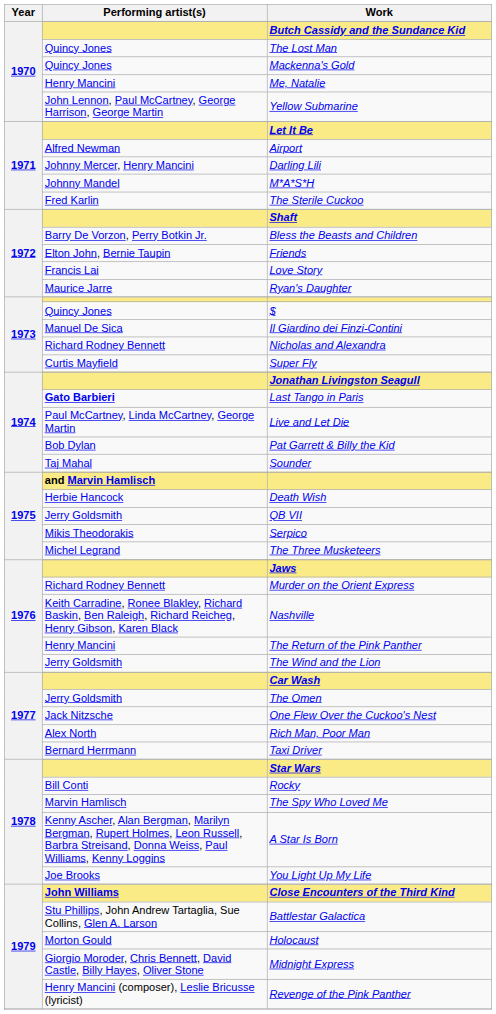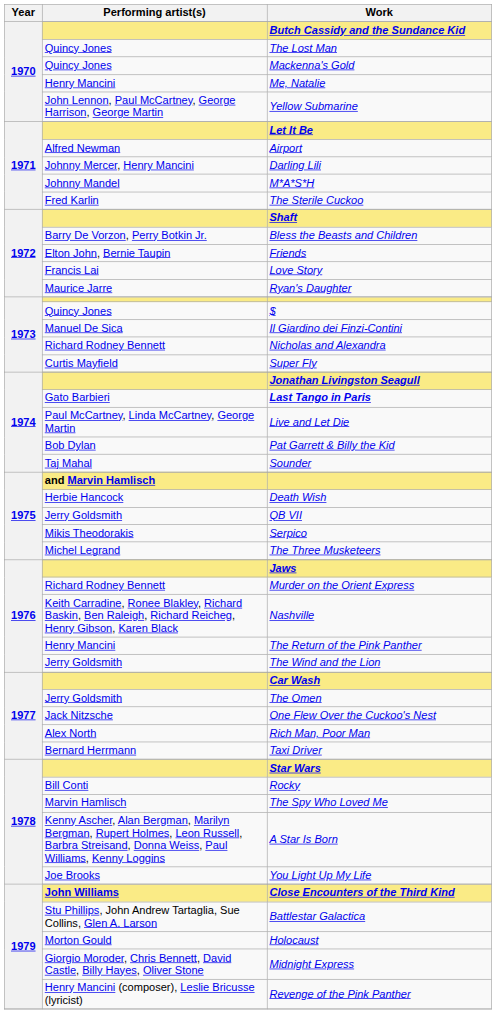 <table class="wikitable" style="width:80%">
 <tr>
 <th width="2%">Year</th>
 <th width="25%">Performing artist(s)</th>
 <th width="25%">Work</th>
 </tr>
 <tr>
 <th scope="row", rowspan=6, style="text-align:center;"><a href='#'>1970</a> <br></th>
 </tr>
 <tr style="background:#FAEB86">
 <td><strong>  </strong></td>
 <td><strong> <em><a href='#'>Butch Cassidy and the Sundance Kid</a></em> </strong></td>
 </tr>
 <tr>
 <td><a href='#'>Quincy Jones</a></td>
 <td><em><a href='#'>The Lost Man</a></em></td>
 </tr>
 <tr>
 <td><a href='#'>Quincy Jones</a></td>
 <td><em><a href='#'>Mackenna's Gold</a></em></td>
 </tr>
 <tr>
 <td><a href='#'>Henry Mancini</a></td>
 <td><em><a href='#'>Me, Natalie</a></em></td>
 </tr>
 <tr>
 <td><a href='#'>John Lennon</a>, <a href='#'>Paul McCartney</a>, <a href='#'>George Harrison</a>, <a href='#'>George Martin</a></td>
 <td><em><a href='#'>Yellow Submarine</a></em></td>
 </tr>
 <tr>
 <th scope="row", rowspan=6, style="text-align:center;"><a href='#'>1971</a> <br></th>
 </tr>
 <tr style="background:#FAEB86">
 <td><strong>  </strong></td>
 <td><strong> <em><a href='#'>Let It Be</a></em> </strong></td>
 </tr>
 <tr>
 <td><a href='#'>Alfred Newman</a></td>
 <td><em><a href='#'>Airport</a></em></td>
 </tr>
 <tr>
 <td><a href='#'>Johnny Mercer</a>, <a href='#'>Henry Mancini</a></td>
 <td><em><a href='#'>Darling Lili</a></em></td>
 </tr>
 <tr>
 <td><a href='#'>Johnny Mandel</a></td>
 <td><em><a href='#'>M*A*S*H</a></em></td>
 </tr>
 <tr>
 <td><a href='#'>Fred Karlin</a></td>
 <td><em><a href='#'>The Sterile Cuckoo</a></em></td>
 </tr>
 <tr>
 <th scope="row", rowspan=6, style="text-align:center;"><a href='#'>1972</a> <br></th>
 </tr>
 <tr style="background:#FAEB86">
 <td><strong>  </strong></td>
 <td><strong> <em><a href='#'>Shaft</a></em> </strong></td>
 </tr>
 <tr>
 <td><a href='#'>Barry De Vorzon</a>, <a href='#'>Perry Botkin Jr.</a></td>
 <td><em><a href='#'>Bless the Beasts and Children</a></em></td>
 </tr>
 <tr>
 <td><a href='#'>Elton John</a>, <a href='#'>Bernie Taupin</a></td>
 <td><em><a href='#'>Friends</a></em></td>
 </tr>
 <tr>
 <td><a href='#'>Francis Lai</a></td>
 <td><em><a href='#'>Love Story</a></em></td>
 </tr>
 <tr>
 <td><a href='#'>Maurice Jarre</a></td>
 <td><em><a href='#'>Ryan's Daughter</a></em></td>
 </tr>
 <tr>
 <th scope="row", rowspan=6, style="text-align:center;"><a href='#'>1973</a> <br></th>
 </tr>
 <tr style="background:#FAEB86">
 <td><strong>  </strong></td>
 <td><strong> <em></em> </strong></td>
 </tr>
 <tr>
 <td><a href='#'>Quincy Jones</a></td>
 <td><em><a href='#'>$</a></em></td>
 </tr>
 <tr>
 <td><a href='#'>Manuel De Sica</a></td>
 <td><em><a href='#'>Il Giardino dei Finzi-Contini</a></em></td>
 </tr>
 <tr>
 <td><a href='#'>Richard Rodney Bennett</a></td>
 <td><em><a href='#'>Nicholas and Alexandra</a></em></td>
 </tr>
 <tr>
 <td><a href='#'>Curtis Mayfield</a></td>
 <td><em><a href='#'>Super Fly</a></em></td>
 </tr>
 <tr>
 <th scope="row", rowspan=6, style="text-align:center;"><a href='#'>1974</a> <br></th>
 </tr>
 <tr style="background:#FAEB86">
 <td><strong>  </strong></td>
 <td><strong> <em><a href='#'>Jonathan Livingston Seagull</a></em> </strong></td>
 </tr>
 <tr>
-<td><strong><a href='#'>Gato Barbieri</a></strong></td>
-<td><em><a href='#'>Last Tango in Paris</a></em></td>
+<td><a href='#'>Gato Barbieri</a></td>
+<td><strong><em><a href='#'>Last Tango in Paris</a></em></strong></td>
 </tr>
 <tr>
 <td><a href='#'>Paul McCartney</a>, <a href='#'>Linda McCartney</a>, <a href='#'>George Martin</a></td>
 <td><em><a href='#'>Live and Let Die</a></em></td>
 </tr>
 <tr>
 <td><a href='#'>Bob Dylan</a></td>
 <td><em><a href='#'>Pat Garrett & Billy the Kid</a></em></td>
 </tr>
 <tr>
 <td><a href='#'>Taj Mahal</a></td>
 <td><em><a href='#'>Sounder</a></em></td>
 </tr>
 <tr>
 <th scope="row", rowspan=6, style="text-align:center;"><a href='#'>1975</a> <br></th>
 </tr>
 <tr style="background:#FAEB86">
 <td><strong>  and <a href='#'>Marvin Hamlisch</a> </strong></td>
 <td><strong> <em></em> </strong></td>
 </tr>
 <tr>
 <td><a href='#'>Herbie Hancock</a></td>
 <td><em><a href='#'>Death Wish</a></em></td>
 </tr>
 <tr>
 <td><a href='#'>Jerry Goldsmith</a></td>
 <td><em><a href='#'>QB VII</a></em></td>
 </tr>
 <tr>
 <td><a href='#'>Mikis Theodorakis</a></td>
 <td><em><a href='#'>Serpico</a></em></td>
 </tr>
 <tr>
 <td><a href='#'>Michel Legrand</a></td>
 <td><em><a href='#'>The Three Musketeers</a></em></td>
 </tr>
 <tr>
 <th scope="row", rowspan=6, style="text-align:center;"><a href='#'>1976</a> <br></th>
 </tr>
 <tr style="background:#FAEB86">
 <td><strong>  </strong></td>
 <td><strong> <em><a href='#'>Jaws</a></em> </strong></td>
 </tr>
 <tr>
 <td><a href='#'>Richard Rodney Bennett</a></td>
 <td><em><a href='#'>Murder on the Orient Express</a></em></td>
 </tr>
 <tr>
 <td><a href='#'>Keith Carradine</a>, <a href='#'>Ronee Blakley</a>, <a href='#'>Richard Baskin</a>, <a href='#'>Ben Raleigh</a>, <a href='#'>Richard Reicheg</a>, <a href='#'>Henry Gibson</a>, <a href='#'>Karen Black</a></td>
 <td><em><a href='#'>Nashville</a></em></td>
 </tr>
 <tr>
 <td><a href='#'>Henry Mancini</a></td>
 <td><em><a href='#'>The Return of the Pink Panther</a></em></td>
 </tr>
 <tr>
 <td><a href='#'>Jerry Goldsmith</a></td>
 <td><em><a href='#'>The Wind and the Lion</a></em></td>
 </tr>
 <tr>
 <th scope="row", rowspan=6, style="text-align:center;"><a href='#'>1977</a> <br></th>
 </tr>
 <tr style="background:#FAEB86">
 <td><strong>  </strong></td>
 <td><strong> <em><a href='#'>Car Wash</a></em> </strong></td>
 </tr>
 <tr>
 <td><a href='#'>Jerry Goldsmith</a></td>
 <td><em><a href='#'>The Omen</a></em></td>
 </tr>
 <tr>
 <td><a href='#'>Jack Nitzsche</a></td>
 <td><em><a href='#'>One Flew Over the Cuckoo's Nest</a></em></td>
 </tr>
 <tr>
 <td><a href='#'>Alex North</a></td>
 <td><em><a href='#'>Rich Man, Poor Man</a></em></td>
 </tr>
 <tr>
 <td><a href='#'>Bernard Herrmann</a></td>
 <td><em><a href='#'>Taxi Driver</a></em></td>
 </tr>
 <tr>
 <th scope="row", rowspan=6, style="text-align:center;"><a href='#'>1978</a> <br></th>
 </tr>
 <tr style="background:#FAEB86">
 <td><strong>  </strong></td>
 <td><strong> <em><a href='#'>Star Wars</a></em> </strong></td>
 </tr>
 <tr>
 <td><a href='#'>Bill Conti</a></td>
 <td><em><a href='#'>Rocky</a></em></td>
 </tr>
 <tr>
 <td><a href='#'>Marvin Hamlisch</a></td>
 <td><em><a href='#'>The Spy Who Loved Me</a></em></td>
 </tr>
 <tr>
 <td><a href='#'>Kenny Ascher</a>, <a href='#'>Alan Bergman</a>, <a href='#'>Marilyn Bergman</a>, <a href='#'>Rupert Holmes</a>, <a href='#'>Leon Russell</a>, <a href='#'>Barbra Streisand</a>, <a href='#'>Donna Weiss</a>, <a href='#'>Paul Williams</a>, <a href='#'>Kenny Loggins</a></td>
 <td><em><a href='#'>A Star Is Born</a></em></td>
 </tr>
 <tr>
 <td><a href='#'>Joe Brooks</a></td>
 <td><em><a href='#'>You Light Up My Life</a></em></td>
 </tr>
 <tr>
 <th scope="row", rowspan=6, style="text-align:center;"><a href='#'>1979</a> <br></th>
 </tr>
 <tr style="background:#FAEB86">
 <td><strong> <a href='#'>John Williams</a> </strong></td>
 <td><strong> <em><a href='#'>Close Encounters of the Third Kind</a></em> </strong></td>
 </tr>
 <tr>
 <td><a href='#'>Stu Phillips</a>, John Andrew Tartaglia, Sue Collins, <a href='#'>Glen A. Larson</a></td>
 <td><em><a href='#'>Battlestar Galactica</a></em></td>
 </tr>
 <tr>
 <td><a href='#'>Morton Gould</a></td>
 <td><em><a href='#'>Holocaust</a></em></td>
 </tr>
 <tr>
 <td><a href='#'>Giorgio Moroder</a>, <a href='#'>Chris Bennett</a>, <a href='#'>David Castle</a>, <a href='#'>Billy Hayes</a>, <a href='#'>Oliver Stone</a></td>
 <td><em><a href='#'>Midnight Express</a></em></td>
 </tr>
 <tr>
 <td><a href='#'>Henry Mancini</a> (composer), <a href='#'>Leslie Bricusse</a> (lyricist)</td>
 <td><em><a href='#'>Revenge of the Pink Panther</a></em></td>
 </tr>
 <tr>
 </tr>
 </table>
